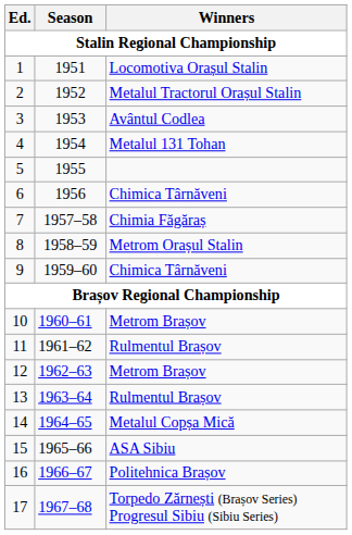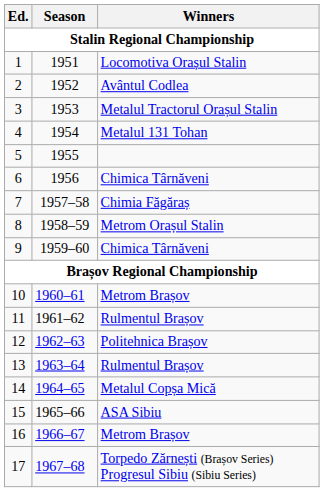 <table class="wikitable" style="font-size:90%">
 <tr>
 <th><abbr>Ed.</abbr></th>
 <th width="60">Season</th>
 <th width="220">Winners</th>
 </tr>
 <tr>
 <th colspan="3" style="background:#ffffff">Stalin Regional Championship</th>
 </tr>
 <tr>
 <td align=center>1</td>
 <td align=center>1951</td>
 <td><a href='#'>Locomotiva Orașul Stalin</a></td>
 </tr>
 <tr>
 <td align=center>2</td>
 <td align=center>1952</td>
-<td><a href='#'>Metalul Tractorul Orașul Stalin</a></td>
+<td><a href='#'>Avântul Codlea</a></td>
 </tr>
 <tr>
 <td align=center>3</td>
 <td align=center>1953</td>
-<td><a href='#'>Avântul Codlea</a></td>
+<td><a href='#'>Metalul Tractorul Orașul Stalin</a></td>
 </tr>
 <tr>
 <td align=center>4</td>
 <td align=center>1954</td>
 <td><a href='#'>Metalul 131 Tohan</a></td>
 </tr>
 <tr>
 <td align=center>5</td>
 <td align=center>1955</td>
 <td></td>
 </tr>
 <tr>
 <td align=center>6</td>
 <td align=center>1956</td>
 <td><a href='#'>Chimica Târnăveni</a></td>
 </tr>
 <tr>
 <td align=center>7</td>
 <td align=center>1957–58</td>
 <td><a href='#'>Chimia Făgăraș</a></td>
 </tr>
 <tr>
 <td align=center>8</td>
 <td align=center>1958–59</td>
 <td><a href='#'>Metrom Orașul Stalin</a></td>
 </tr>
 <tr>
 <td align=center>9</td>
 <td align=center>1959–60</td>
 <td><a href='#'>Chimica Târnăveni</a></td>
 </tr>
 <tr>
 <th colspan="3" style="background:#ffffff">Brașov Regional Championship</th>
 </tr>
 <tr>
 <td align=center>10</td>
 <td><a href='#'>1960–61</a></td>
 <td><a href='#'>Metrom Brașov</a></td>
 </tr>
 <tr>
 <td align=center>11</td>
 <td>1961–62</td>
 <td><a href='#'>Rulmentul Brașov</a></td>
 </tr>
 <tr>
 <td align=center>12</td>
 <td><a href='#'>1962–63</a></td>
-<td><a href='#'>Metrom Brașov</a></td>
+<td><a href='#'>Politehnica Brașov</a></td>
 </tr>
 <tr>
 <td align=center>13</td>
 <td><a href='#'>1963–64</a></td>
 <td><a href='#'>Rulmentul Brașov</a></td>
 </tr>
 <tr>
 <td align=center>14</td>
 <td><a href='#'>1964–65</a></td>
 <td><a href='#'>Metalul Copșa Mică</a></td>
 </tr>
 <tr>
 <td align=center>15</td>
 <td>1965–66</td>
 <td><a href='#'>ASA Sibiu</a></td>
 </tr>
 <tr>
 <td align=center>16</td>
 <td><a href='#'>1966–67</a></td>
-<td><a href='#'>Politehnica Brașov</a></td>
+<td><a href='#'>Metrom Brașov</a></td>
 </tr>
 <tr>
 <td align=center>17</td>
 <td><a href='#'>1967–68</a></td>
 <td><a href='#'>Torpedo Zărnești</a> <small>(Brașov Series)</small> <br><a href='#'>Progresul Sibiu</a> <small>(Sibiu Series)</small></td>
 </tr>
 </table>
